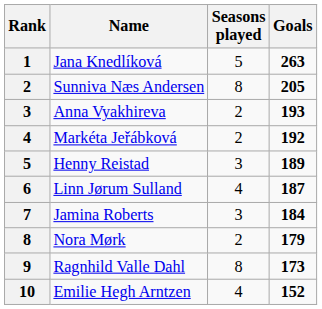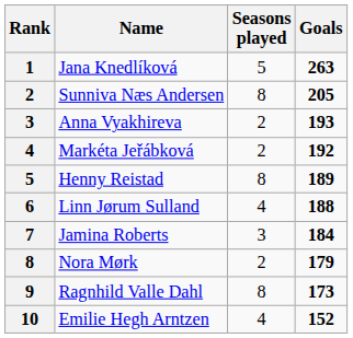 <table class="wikitable" style="text-align: center;">
 <tr>
 <th>Rank</th>
 <th class="unsortable">Name</th>
 <th>Seasons<br>played</th>
 <th>Goals</th>
 </tr>
 <tr>
 <th>1</th>
 <td style="text-align: left;"> <a href='#'>Jana Knedlíková</a></td>
 <td>5</td>
 <td><strong>263</strong></td>
 </tr>
 <tr>
 <th>2</th>
 <td style="text-align: left;"> <a href='#'>Sunniva Næs Andersen</a></td>
 <td>8</td>
 <td><strong>205</strong></td>
 </tr>
 <tr>
 <th>3</th>
 <td style="text-align: left;"> <a href='#'>Anna Vyakhireva</a></td>
 <td>2</td>
 <td><strong>193</strong></td>
 </tr>
 <tr>
 <th>4</th>
 <td style="text-align: left;"> <a href='#'>Markéta Jeřábková</a></td>
 <td>2</td>
 <td><strong>192</strong></td>
 </tr>
 <tr>
 <th>5</th>
 <td style="text-align: left;"> <a href='#'>Henny Reistad</a></td>
-<td>3</td>
+<td>8</td>
 <td><strong>189</strong></td>
 </tr>
 <tr>
 <th>6</th>
 <td style="text-align: left;"> <a href='#'>Linn Jørum Sulland</a></td>
 <td>4</td>
-<td><strong>187</strong></td>
+<td><strong>188</strong></td>
 </tr>
 <tr>
 <th>7</th>
 <td style="text-align: left;"> <a href='#'>Jamina Roberts</a></td>
 <td>3</td>
 <td><strong>184</strong></td>
 </tr>
 <tr>
 <th>8</th>
 <td style="text-align: left;"> <a href='#'>Nora Mørk</a></td>
 <td>2</td>
 <td><strong>179</strong></td>
 </tr>
 <tr>
 <th>9</th>
 <td style="text-align: left;"> <a href='#'>Ragnhild Valle Dahl</a></td>
 <td>8</td>
 <td><strong>173</strong></td>
 </tr>
 <tr>
 <th>10</th>
 <td style="text-align: left;"> <a href='#'>Emilie Hegh Arntzen</a></td>
 <td>4</td>
 <td><strong>152</strong></td>
 </tr>
 </table>
